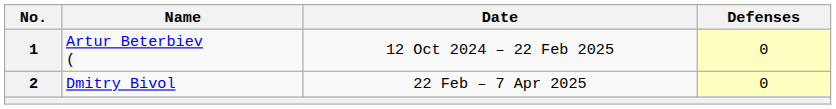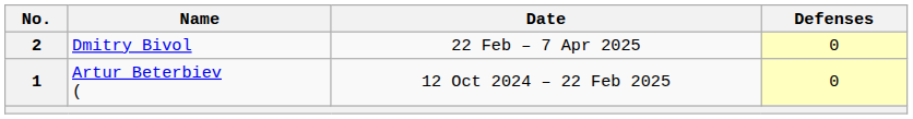 <table class="wikitable sortable" style="width:80%">
 <tr>
 <th>No.</th>
 <th>Name</th>
 <th>Date</th>
 <th>Defenses</th>
 </tr>
 <tr align=center>
+<th>2</th>
+<td align=left><a href='#'>Dmitry Bivol</a></td>
+<td>22 Feb – 7 Apr 2025</td>
+<td style="background:#ffffbf;">0</td>
+</tr>
+<tr align=center>
 <th>1</th>
 <td align=left><a href='#'>Artur Beterbiev</a><br>(</td>
 <td>12 Oct 2024 – 22 Feb 2025</td>
 <td style="background:#ffffbf;">0</td>
 </tr>
 <tr align=center>
-<th>2</th>
-<td align=left><a href='#'>Dmitry Bivol</a></td>
-<td>22 Feb – 7 Apr 2025</td>
-<td style="background:#ffffbf;">0</td>
-</tr>
-<tr align=center>
 <th colspan=4></th>
 </tr>
 </table>
